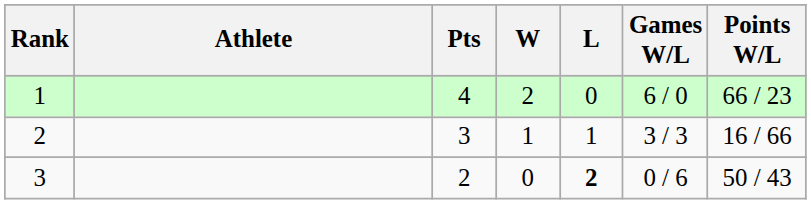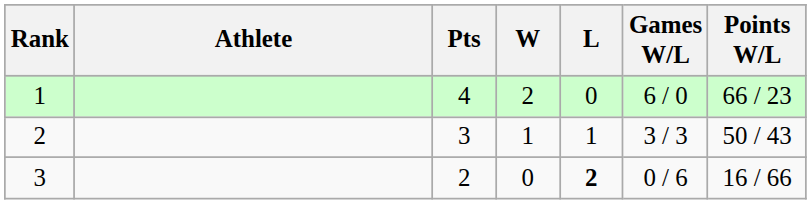 <table class="wikitable" style="text-align: center; font-size:90% ">
 <tr>
 <th width="20">Rank</th>
 <th width="200">Athlete</th>
 <th width="30">Pts</th>
 <th width="30">W</th>
 <th width="30">L</th>
 <th width="40">Games<br>W/L</th>
 <th width="50">Points<br>W/L</th>
 </tr>
 <tr bgcolor=#ccffcc>
 <td>1</td>
 <td align=left></td>
 <td>4</td>
 <td>2</td>
 <td>0</td>
 <td>6 / 0</td>
 <td>66 / 23</td>
 </tr>
 <tr>
 <td>2</td>
 <td align=left></td>
 <td>3</td>
 <td>1</td>
 <td>1</td>
 <td>3 / 3</td>
-<td>16 / 66</td>
+<td>50 / 43</td>
 </tr>
 <tr>
 <td>3</td>
 <td align=left></td>
 <td>2</td>
 <td>0</td>
 <td><strong>2</strong></td>
 <td>0 / 6</td>
-<td>50 / 43</td>
+<td>16 / 66</td>
 </tr>
 </table>
